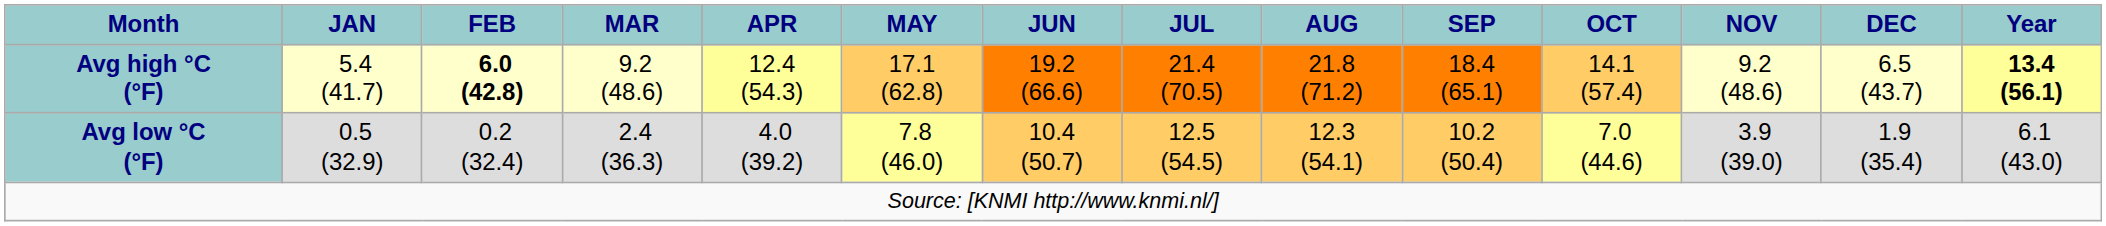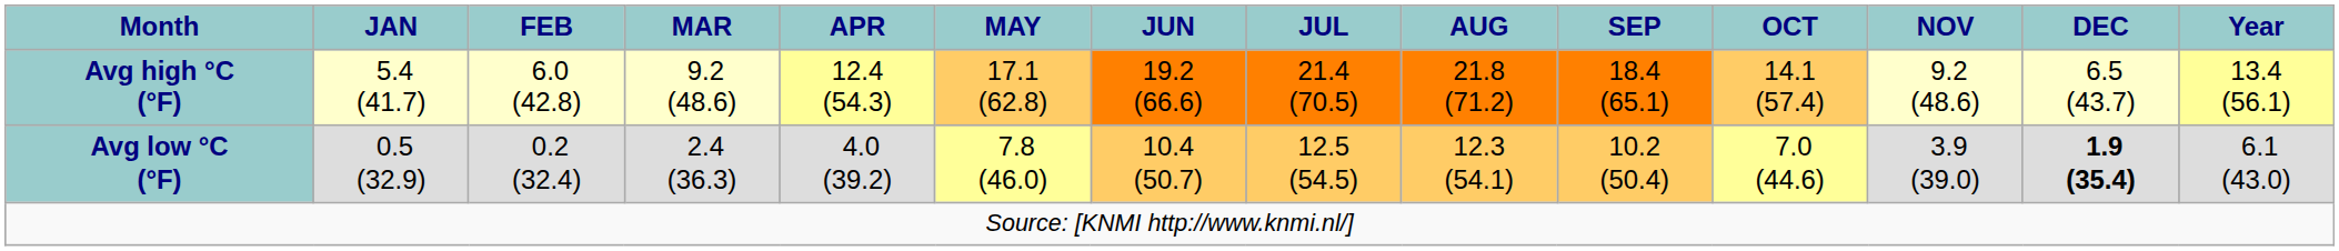 <table class="wikitable" style="font-size:90%; width:100%; border:0; text-align:center; line-height:120%;">
 <tr>
 <th style="background:#9cc; color:navy; height:17px;">Month</th>
 <th style="background:#9cc; color:navy;">JAN</th>
 <th style="background:#9cc; color:navy;">FEB</th>
 <th style="background:#9cc; color:navy;">MAR</th>
 <th style="background:#9cc; color:navy;">APR</th>
 <th style="background:#9cc; color:navy;">MAY</th>
 <th style="background:#9cc; color:navy;">JUN</th>
 <th style="background:#9cc; color:navy;">JUL</th>
 <th style="background:#9cc; color:navy;">AUG</th>
 <th style="background:#9cc; color:navy;">SEP</th>
 <th style="background:#9cc; color:navy;">OCT</th>
 <th style="background:#9cc; color:navy;">NOV</th>
 <th style="background:#9cc; color:navy;">DEC</th>
 <th style="background:#9cc; color:navy;">Year</th>
 </tr>
 <tr>
 <th style="background:#9cc; color:navy;">Avg high °C <br>(°F)</th>
 <td style="background:#ffc; color:#000;"> 5.4 <br>(41.7)</td>
-<td style="background:#ffc; color:#000;"><strong> 6.0 <br>(42.8)</strong></td>
+<td style="background:#ffc; color:#000;"> 6.0 <br>(42.8)</td>
 <td style="background:#ffc; color:#000;"> 9.2 <br>(48.6)</td>
 <td style="background:#ff9; color:#000;">12.4 <br>(54.3)</td>
 <td style="background:#fc6; color:#000;">17.1 <br>(62.8)</td>
 <td style="background:#ff8000; color:#000;">19.2 <br>(66.6)</td>
 <td style="background:#ff8000; color:#000;">21.4 <br>(70.5)</td>
 <td style="background:#ff8000; color:#000;">21.8 <br>(71.2)</td>
 <td style="background:#ff8000; color:#000;">18.4 <br>(65.1)</td>
 <td style="background:#fc6; color:#000;">14.1 <br>(57.4)</td>
 <td style="background:#ffc; color:#000;"> 9.2 <br>(48.6)</td>
 <td style="background:#ffc; color:#000;"> 6.5 <br>(43.7)</td>
-<td style="background:#ff9; color:#000;"><strong>13.4 <br>(56.1)</strong></td>
+<td style="background:#ff9; color:#000;">13.4 <br>(56.1)</td>
 </tr>
 <tr>
 <th style="background:#9cc; color:navy; height:16px;">Avg low °C <br>(°F)</th>
 <td style="background:#ddd; color:black;"> 0.5 <br>(32.9)</td>
 <td style="background:#ddd; color:black;"> 0.2 <br>(32.4)</td>
 <td style="background:#ddd; color:black;"> 2.4 <br>(36.3)</td>
 <td style="background:#ddd; color:black;"> 4.0 <br>(39.2)</td>
 <td style="background:#ff9; color:black;"> 7.8 <br>(46.0)</td>
 <td style="background:#fc6; color:black;">10.4 <br>(50.7)</td>
 <td style="background:#fc6; color:black;">12.5 <br>(54.5)</td>
 <td style="background:#fc6; color:black;">12.3 <br>(54.1)</td>
 <td style="background:#fc6; color:black;">10.2 <br>(50.4)</td>
 <td style="background:#ff9; color:black;"> 7.0 <br>(44.6)</td>
 <td style="background:#ddd; color:black;"> 3.9 <br>(39.0)</td>
-<td style="background:#ddd; color:black;"> 1.9 <br>(35.4)</td>
+<td style="background:#ddd; color:black;"><strong> 1.9 <br>(35.4)</strong></td>
 <td style="background:#ddd; color:black;"> 6.1 <br>(43.0)</td>
 </tr>
 <tr>
 <td colspan="14" style="text-align:center;font-size:90%;"><em>Source: [KNMI http://www.knmi.nl/]</em></td>
 </tr>
 </table>
